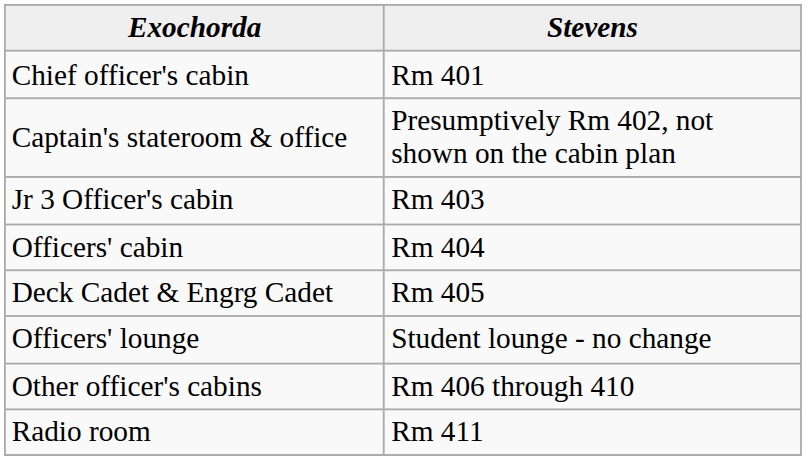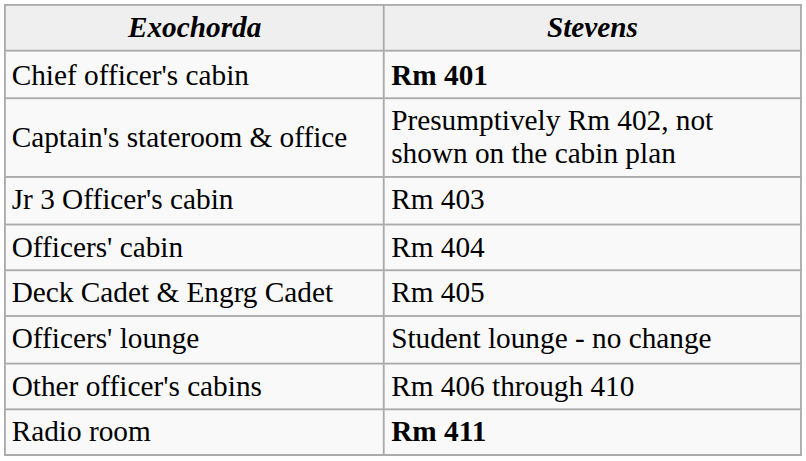 <table class="wikitable">
 <tr>
 <th style="background:#efefef; text-align:center; "><strong><em>Exochorda</em></strong></th>
 <th style="background:#efefef; text-align:center; "><strong><em>Stevens</em></strong></th>
 </tr>
 <tr>
 <td>Chief officer's cabin</td>
-<td>Rm 401</td>
+<td><strong>Rm 401</strong></td>
 </tr>
 <tr>
 <td width=200px>Captain's stateroom & office</td>
 <td width=220px>Presumptively Rm 402, not shown on the cabin plan</td>
 </tr>
 <tr>
 <td>Jr 3 Officer's cabin</td>
 <td>Rm 403</td>
 </tr>
 <tr>
 <td>Officers' cabin</td>
 <td>Rm 404</td>
 </tr>
 <tr>
 <td>Deck Cadet & Engrg Cadet</td>
 <td>Rm 405</td>
 </tr>
 <tr>
 <td>Officers' lounge</td>
 <td>Student lounge - no change</td>
 </tr>
 <tr>
 <td>Other officer's cabins</td>
 <td>Rm 406 through 410</td>
 </tr>
 <tr>
 <td>Radio room</td>
-<td>Rm 411</td>
+<td><strong>Rm 411</strong></td>
 </tr>
 <tr>
 </tr>
 </table>
